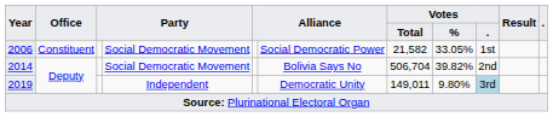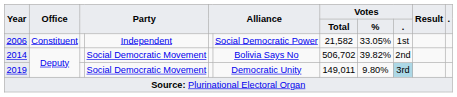 <table class="wikitable" style="font-size:90%; text-align:center;">
 <tr>
 <th style="background-color:#EAECF0;" rowspan=2>Year</th>
 <th style="background-color:#EAECF0;" rowspan=2>Office</th>
 <th style="background-color:#EAECF0;" colspan=2 rowspan=2>Party</th>
 <th style="background-color:#EAECF0;" colspan=2 rowspan=2>Alliance</th>
 <th style="background-color:#EAECF0;" colspan=3>Votes</th>
 <th style="background-color:#EAECF0;" rowspan=2>Result</th>
 <th style="background-color:#EAECF0;" rowspan=2>.</th>
 </tr>
 <tr>
 <th style="background-color:#EAECF0;">Total</th>
 <th style="background-color:#EAECF0;">%</th>
 <th style="background-color:#EAECF0;">.</th>
 </tr>
 <tr>
 <td style="background-color:#EAECF0;"><a href='#'>2006</a></td>
 <td><a href='#'>Constituent</a></td>
 <td style="background-color:"></td>
-<td><a href='#'>Social Democratic Movement</a></td>
+<td><a href='#'>Independent</a></td>
 <td style="background-color:"></td>
 <td><a href='#'>Social Democratic Power</a></td>
 <td>21,582</td>
 <td>33.05%</td>
 <td>1st</td>
 <td></td>
 <td></td>
 </tr>
 <tr>
 <td style="background-color:#EAECF0;"><a href='#'>2014</a></td>
 <td rowspan=2><a href='#'>Deputy</a></td>
 <td style="background-color:"></td>
 <td><a href='#'>Social Democratic Movement</a></td>
 <td style="background-color:"></td>
 <td><a href='#'>Bolivia Says No</a></td>
-<td>506,704</td>
+<td>506,702</td>
 <td>39.82%</td>
 <td>2nd</td>
 <td></td>
 <td></td>
 </tr>
 <tr>
 <td style="background-color:#EAECF0;"><a href='#'>2019</a></td>
 <td style="background-color:"></td>
-<td><a href='#'>Independent</a></td>
+<td><a href='#'>Social Democratic Movement</a></td>
 <td style="background-color:"></td>
 <td><a href='#'>Democratic Unity</a></td>
 <td>149,011</td>
 <td>9.80%</td>
 <td style="background: lightblue;">3rd</td>
 <td></td>
 <td></td>
 </tr>
 <tr>
 <td style="background-color:#EAECF0;" colspan=11><strong>Source:</strong> <a href='#'>Plurinational Electoral Organ</a>  </td>
 </tr>
 </table>
